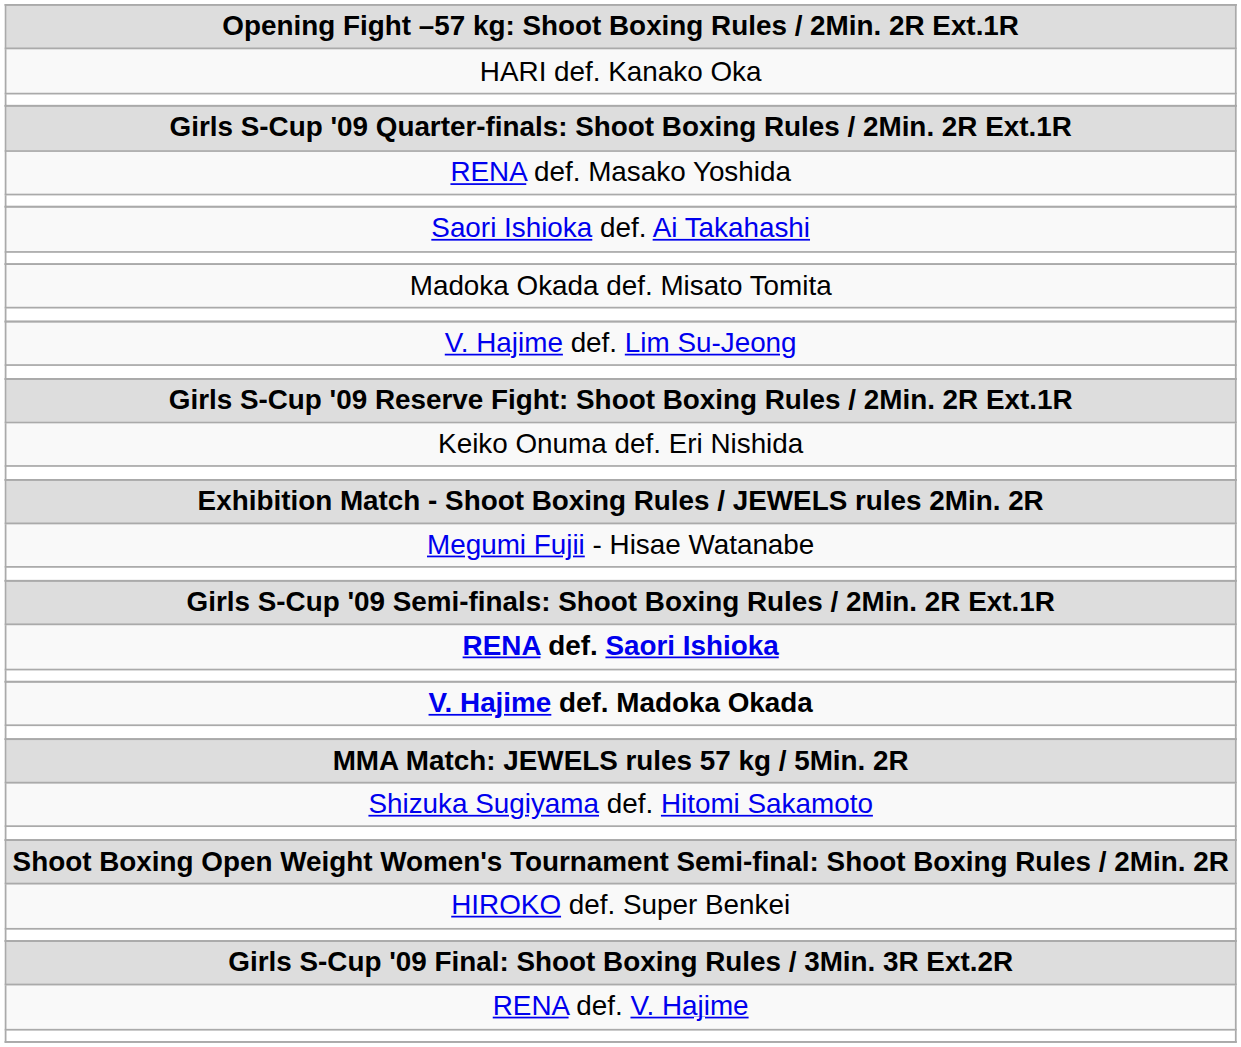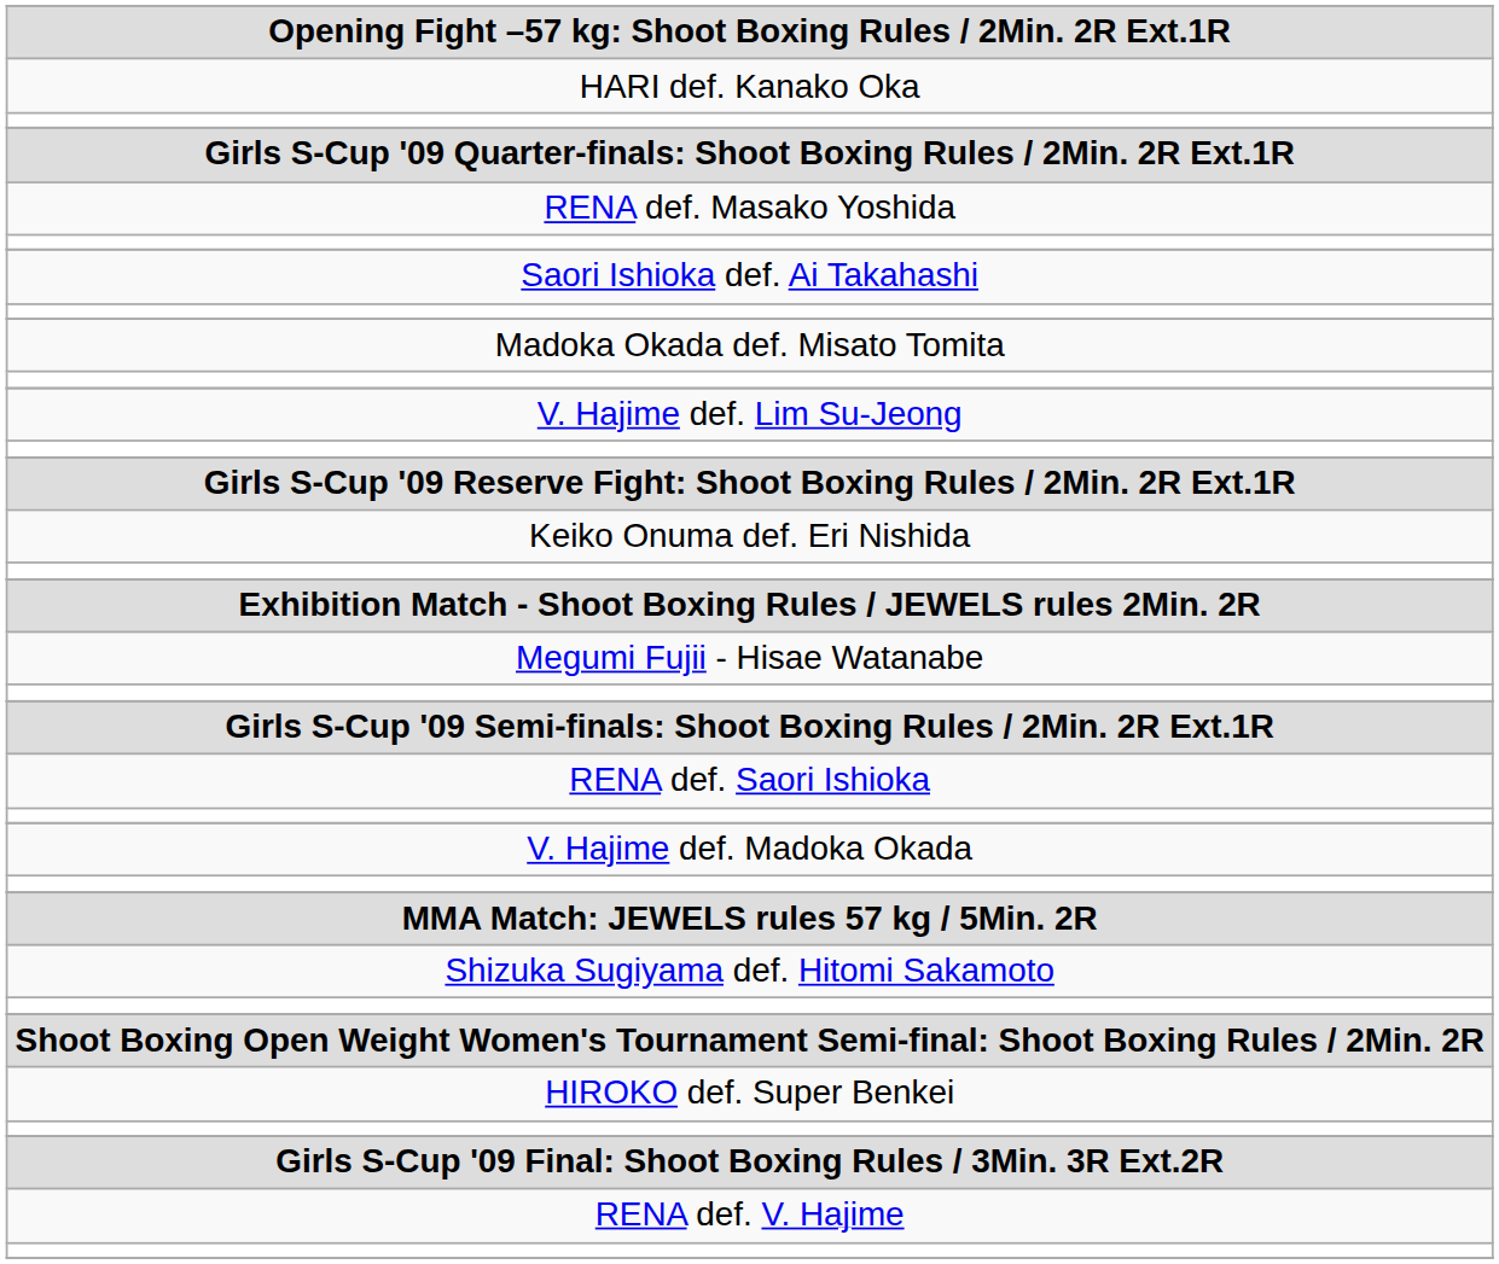 <table class="wikitable" style="clear:both; margin:1.5em auto; text-align:center;">
 <tr>
 </tr>
 <tr align="center"  bgcolor="#dddddd">
 <td><strong>Opening Fight –57 kg: Shoot Boxing Rules / 2Min. 2R Ext.1R</strong></td>
 </tr>
 <tr align="center"  bgcolor=>
 <td align=center> HARI def. Kanako Oka </td>
 </tr>
 <tr>
 <th style=background:white colspan=2></th>
 </tr>
 <tr>
 </tr>
 <tr align="center"  bgcolor="#dddddd">
 <td><strong>Girls S-Cup '09 Quarter-finals: Shoot Boxing Rules / 2Min. 2R Ext.1R</strong></td>
 </tr>
 <tr align="center"  bgcolor=>
 <td align=center> <a href='#'>RENA</a> def. Masako Yoshida </td>
 </tr>
 <tr>
 <th style=background:white colspan=2></th>
 </tr>
 <tr>
 </tr>
 <tr align="center"  bgcolor=>
 <td align=center> <a href='#'>Saori Ishioka</a> def. <a href='#'>Ai Takahashi</a> </td>
 </tr>
 <tr>
 <th style=background:white colspan=2></th>
 </tr>
 <tr>
 </tr>
 <tr align="center"  bgcolor=>
 <td align=center> Madoka Okada def. Misato Tomita </td>
 </tr>
 <tr>
 <th style=background:white colspan=2></th>
 </tr>
 <tr>
 </tr>
 <tr align="center"  bgcolor=>
 <td align=center> <a href='#'>V. Hajime</a> def. <a href='#'>Lim Su-Jeong</a> </td>
 </tr>
 <tr>
 <th style=background:white colspan=2></th>
 </tr>
 <tr>
 </tr>
 <tr align="center"  bgcolor="#dddddd">
 <td><strong>Girls S-Cup '09 Reserve Fight: Shoot Boxing Rules / 2Min. 2R Ext.1R</strong></td>
 </tr>
 <tr align="center"  bgcolor=>
 <td align=center> Keiko Onuma def. Eri Nishida </td>
 </tr>
 <tr>
 <th style=background:white colspan=2></th>
 </tr>
 <tr>
 </tr>
 <tr align="center"  bgcolor="#dddddd">
 <td><strong>Exhibition Match - Shoot Boxing Rules / JEWELS rules 2Min. 2R</strong></td>
 </tr>
 <tr align="center"  bgcolor=>
 <td align=center> <a href='#'>Megumi Fujii</a> - Hisae Watanabe </td>
 </tr>
 <tr>
 <th style=background:white colspan=2></th>
 </tr>
 <tr>
 </tr>
 <tr align="center"  bgcolor="#dddddd">
 <td><strong>Girls S-Cup '09 Semi-finals: Shoot Boxing Rules / 2Min. 2R Ext.1R</strong></td>
 </tr>
 <tr align="center"  bgcolor=>
-<td align=center><strong> <a href='#'>RENA</a> def. <a href='#'>Saori Ishioka</a> </strong></td>
+<td align=center> <a href='#'>RENA</a> def. <a href='#'>Saori Ishioka</a> </td>
 </tr>
 <tr>
 <th style=background:white colspan=2></th>
 </tr>
 <tr>
 </tr>
 <tr align="center"  bgcolor=>
-<td align=center><strong> <a href='#'>V. Hajime</a> def. Madoka Okada </strong></td>
+<td align=center> <a href='#'>V. Hajime</a> def. Madoka Okada </td>
 </tr>
 <tr>
 <th style=background:white colspan=2></th>
 </tr>
 <tr>
 </tr>
 <tr align="center"  bgcolor="#dddddd">
 <td><strong>MMA Match: JEWELS rules 57 kg / 5Min. 2R</strong></td>
 </tr>
 <tr align="center"  bgcolor=>
 <td align=center> <a href='#'>Shizuka Sugiyama</a> def. <a href='#'>Hitomi Sakamoto</a> </td>
 </tr>
 <tr>
 <th style=background:white colspan=2></th>
 </tr>
 <tr>
 </tr>
 <tr align="center"  bgcolor="#dddddd">
 <td><strong>Shoot Boxing Open Weight Women's Tournament Semi-final: Shoot Boxing Rules / 2Min. 2R</strong></td>
 </tr>
 <tr align="center"  bgcolor=>
 <td align=center> <a href='#'>HIROKO</a> def. Super Benkei </td>
 </tr>
 <tr>
 <th style=background:white colspan=2></th>
 </tr>
 <tr>
 </tr>
 <tr align="center"  bgcolor="#dddddd">
 <td><strong>Girls S-Cup '09 Final: Shoot Boxing Rules / 3Min. 3R Ext.2R</strong></td>
 </tr>
 <tr align="center"  bgcolor=>
 <td align=center> <a href='#'>RENA</a> def. <a href='#'>V. Hajime</a> </td>
 </tr>
 <tr>
 <th style=background:white colspan=2></th>
 </tr>
 <tr>
 </tr>
 </table>
